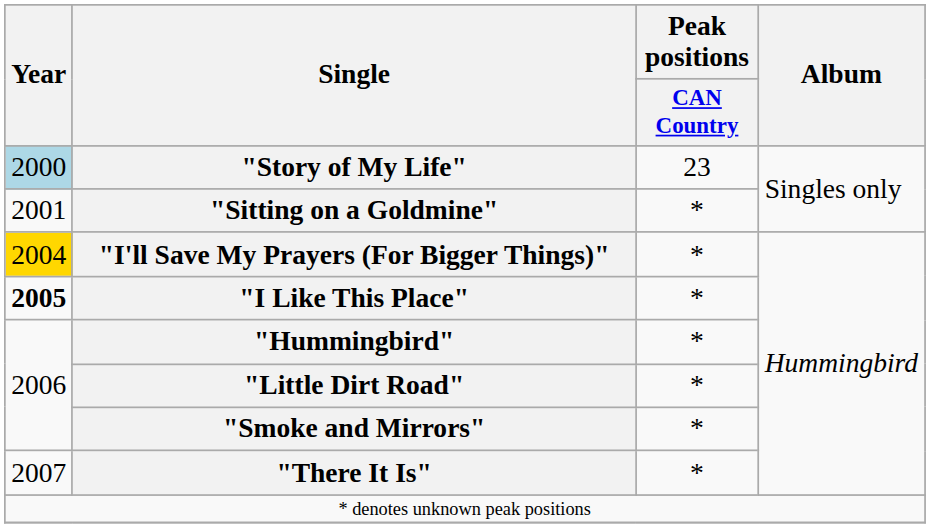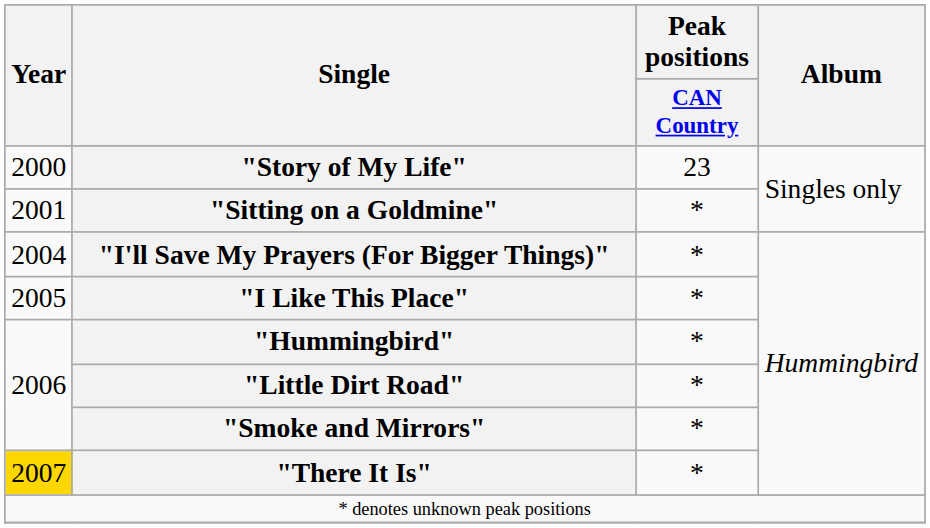 <table class="wikitable plainrowheaders" style="text-align:center;">
 <tr>
 <th rowspan="2">Year</th>
 <th rowspan="2" style="width:20em;">Single</th>
 <th colspan="1">Peak positions</th>
 <th rowspan="2">Album</th>
 </tr>
 <tr style="font-size:smaller;">
 <th width="65"><a href='#'>CAN Country</a></th>
 </tr>
 <tr>
-<td style="background: lightblue;">2000</td>
+<td>2000</td>
 <th scope="row">"Story of My Life"</th>
 <td>23</td>
 <td align="left" rowspan="2">Singles only</td>
 </tr>
 <tr>
 <td>2001</td>
 <th scope="row">"Sitting on a Goldmine"</th>
 <td>*</td>
 </tr>
 <tr>
-<td style="background: gold;">2004</td>
+<td>2004</td>
 <th scope="row">"I'll Save My Prayers (For Bigger Things)"</th>
 <td>*</td>
 <td align="left" rowspan="6"><em>Hummingbird</em></td>
 </tr>
 <tr>
-<td><strong>2005</strong></td>
+<td>2005</td>
 <th scope="row">"I Like This Place"</th>
 <td>*</td>
 </tr>
 <tr>
 <td rowspan="3">2006</td>
 <th scope="row">"Hummingbird"</th>
 <td>*</td>
 </tr>
 <tr>
 <th scope="row">"Little Dirt Road"</th>
 <td>*</td>
 </tr>
 <tr>
 <th scope="row">"Smoke and Mirrors"</th>
 <td>*</td>
 </tr>
 <tr>
-<td>2007</td>
+<td style="background: gold;">2007</td>
 <th scope="row">"There It Is"</th>
 <td>*</td>
 </tr>
 <tr>
 <td colspan="4" style="font-size:8pt">* denotes unknown peak positions</td>
 </tr>
 <tr>
 </tr>
 </table>
